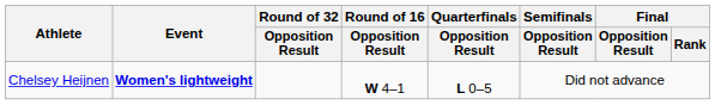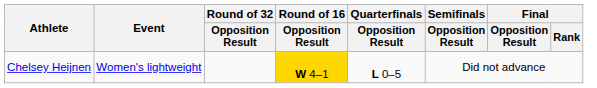 <table class="wikitable" style="font-size:90%">
 <tr>
 <th rowspan="2">Athlete</th>
 <th rowspan="2">Event</th>
 <th>Round of 32</th>
 <th>Round of 16</th>
 <th>Quarterfinals</th>
 <th>Semifinals</th>
 <th colspan=2>Final</th>
 </tr>
 <tr style="font-size:95%">
 <th>Opposition<br>Result</th>
 <th>Opposition<br>Result</th>
 <th>Opposition<br>Result</th>
 <th>Opposition<br>Result</th>
 <th>Opposition<br>Result</th>
 <th>Rank</th>
 </tr>
 <tr align=center>
 <td align=left><a href='#'>Chelsey Heijnen</a></td>
-<td align=left><strong><a href='#'>Women's lightweight</a></strong></td>
+<td align=left><a href='#'>Women's lightweight</a></td>
 <td></td>
-<td><br><strong>W</strong> 4–1</td>
+<td style="background: gold;"><br><strong>W</strong> 4–1</td>
 <td><br><strong>L</strong> 0–5</td>
 <td colspan=3>Did not advance</td>
 </tr>
 </table>
